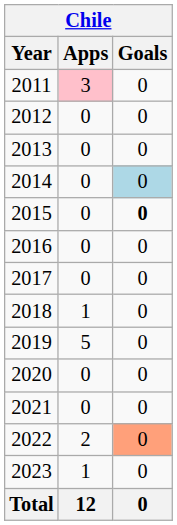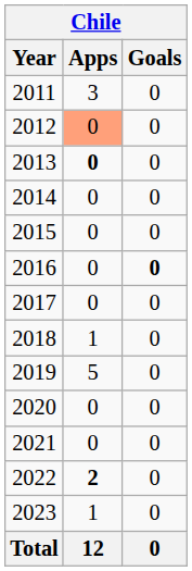 <table class="wikitable" style="text-align:center">
 <tr>
 <th colspan=3><a href='#'>Chile</a></th>
 </tr>
 <tr>
 <th>Year</th>
 <th>Apps</th>
 <th>Goals</th>
 </tr>
 <tr>
 <td>2011</td>
-<td style="background: pink;">3</td>
+<td>3</td>
 <td>0</td>
 </tr>
 <tr>
 <td>2012</td>
-<td>0</td>
+<td style="background: lightsalmon;">0</td>
 <td>0</td>
 </tr>
 <tr>
 <td>2013</td>
-<td>0</td>
+<td><strong>0</strong></td>
 <td>0</td>
 </tr>
 <tr>
 <td>2014</td>
 <td>0</td>
-<td style="background: lightblue;">0</td>
+<td>0</td>
 </tr>
 <tr>
 <td>2015</td>
 <td>0</td>
-<td><strong>0</strong></td>
+<td>0</td>
 </tr>
 <tr>
 <td>2016</td>
 <td>0</td>
-<td>0</td>
+<td><strong>0</strong></td>
 </tr>
 <tr>
 <td>2017</td>
 <td>0</td>
 <td>0</td>
 </tr>
 <tr>
 <td>2018</td>
 <td>1</td>
 <td>0</td>
 </tr>
 <tr>
 <td>2019</td>
 <td>5</td>
 <td>0</td>
 </tr>
 <tr>
 <td>2020</td>
 <td>0</td>
 <td>0</td>
 </tr>
 <tr>
 <td>2021</td>
 <td>0</td>
 <td>0</td>
 </tr>
 <tr>
 <td>2022</td>
-<td>2</td>
-<td style="background: lightsalmon;">0</td>
+<td><strong>2</strong></td>
+<td>0</td>
 </tr>
 <tr>
 <td>2023</td>
 <td>1</td>
 <td>0</td>
 </tr>
 <tr>
 <th>Total</th>
 <th>12</th>
 <th>0</th>
 </tr>
 </table>
